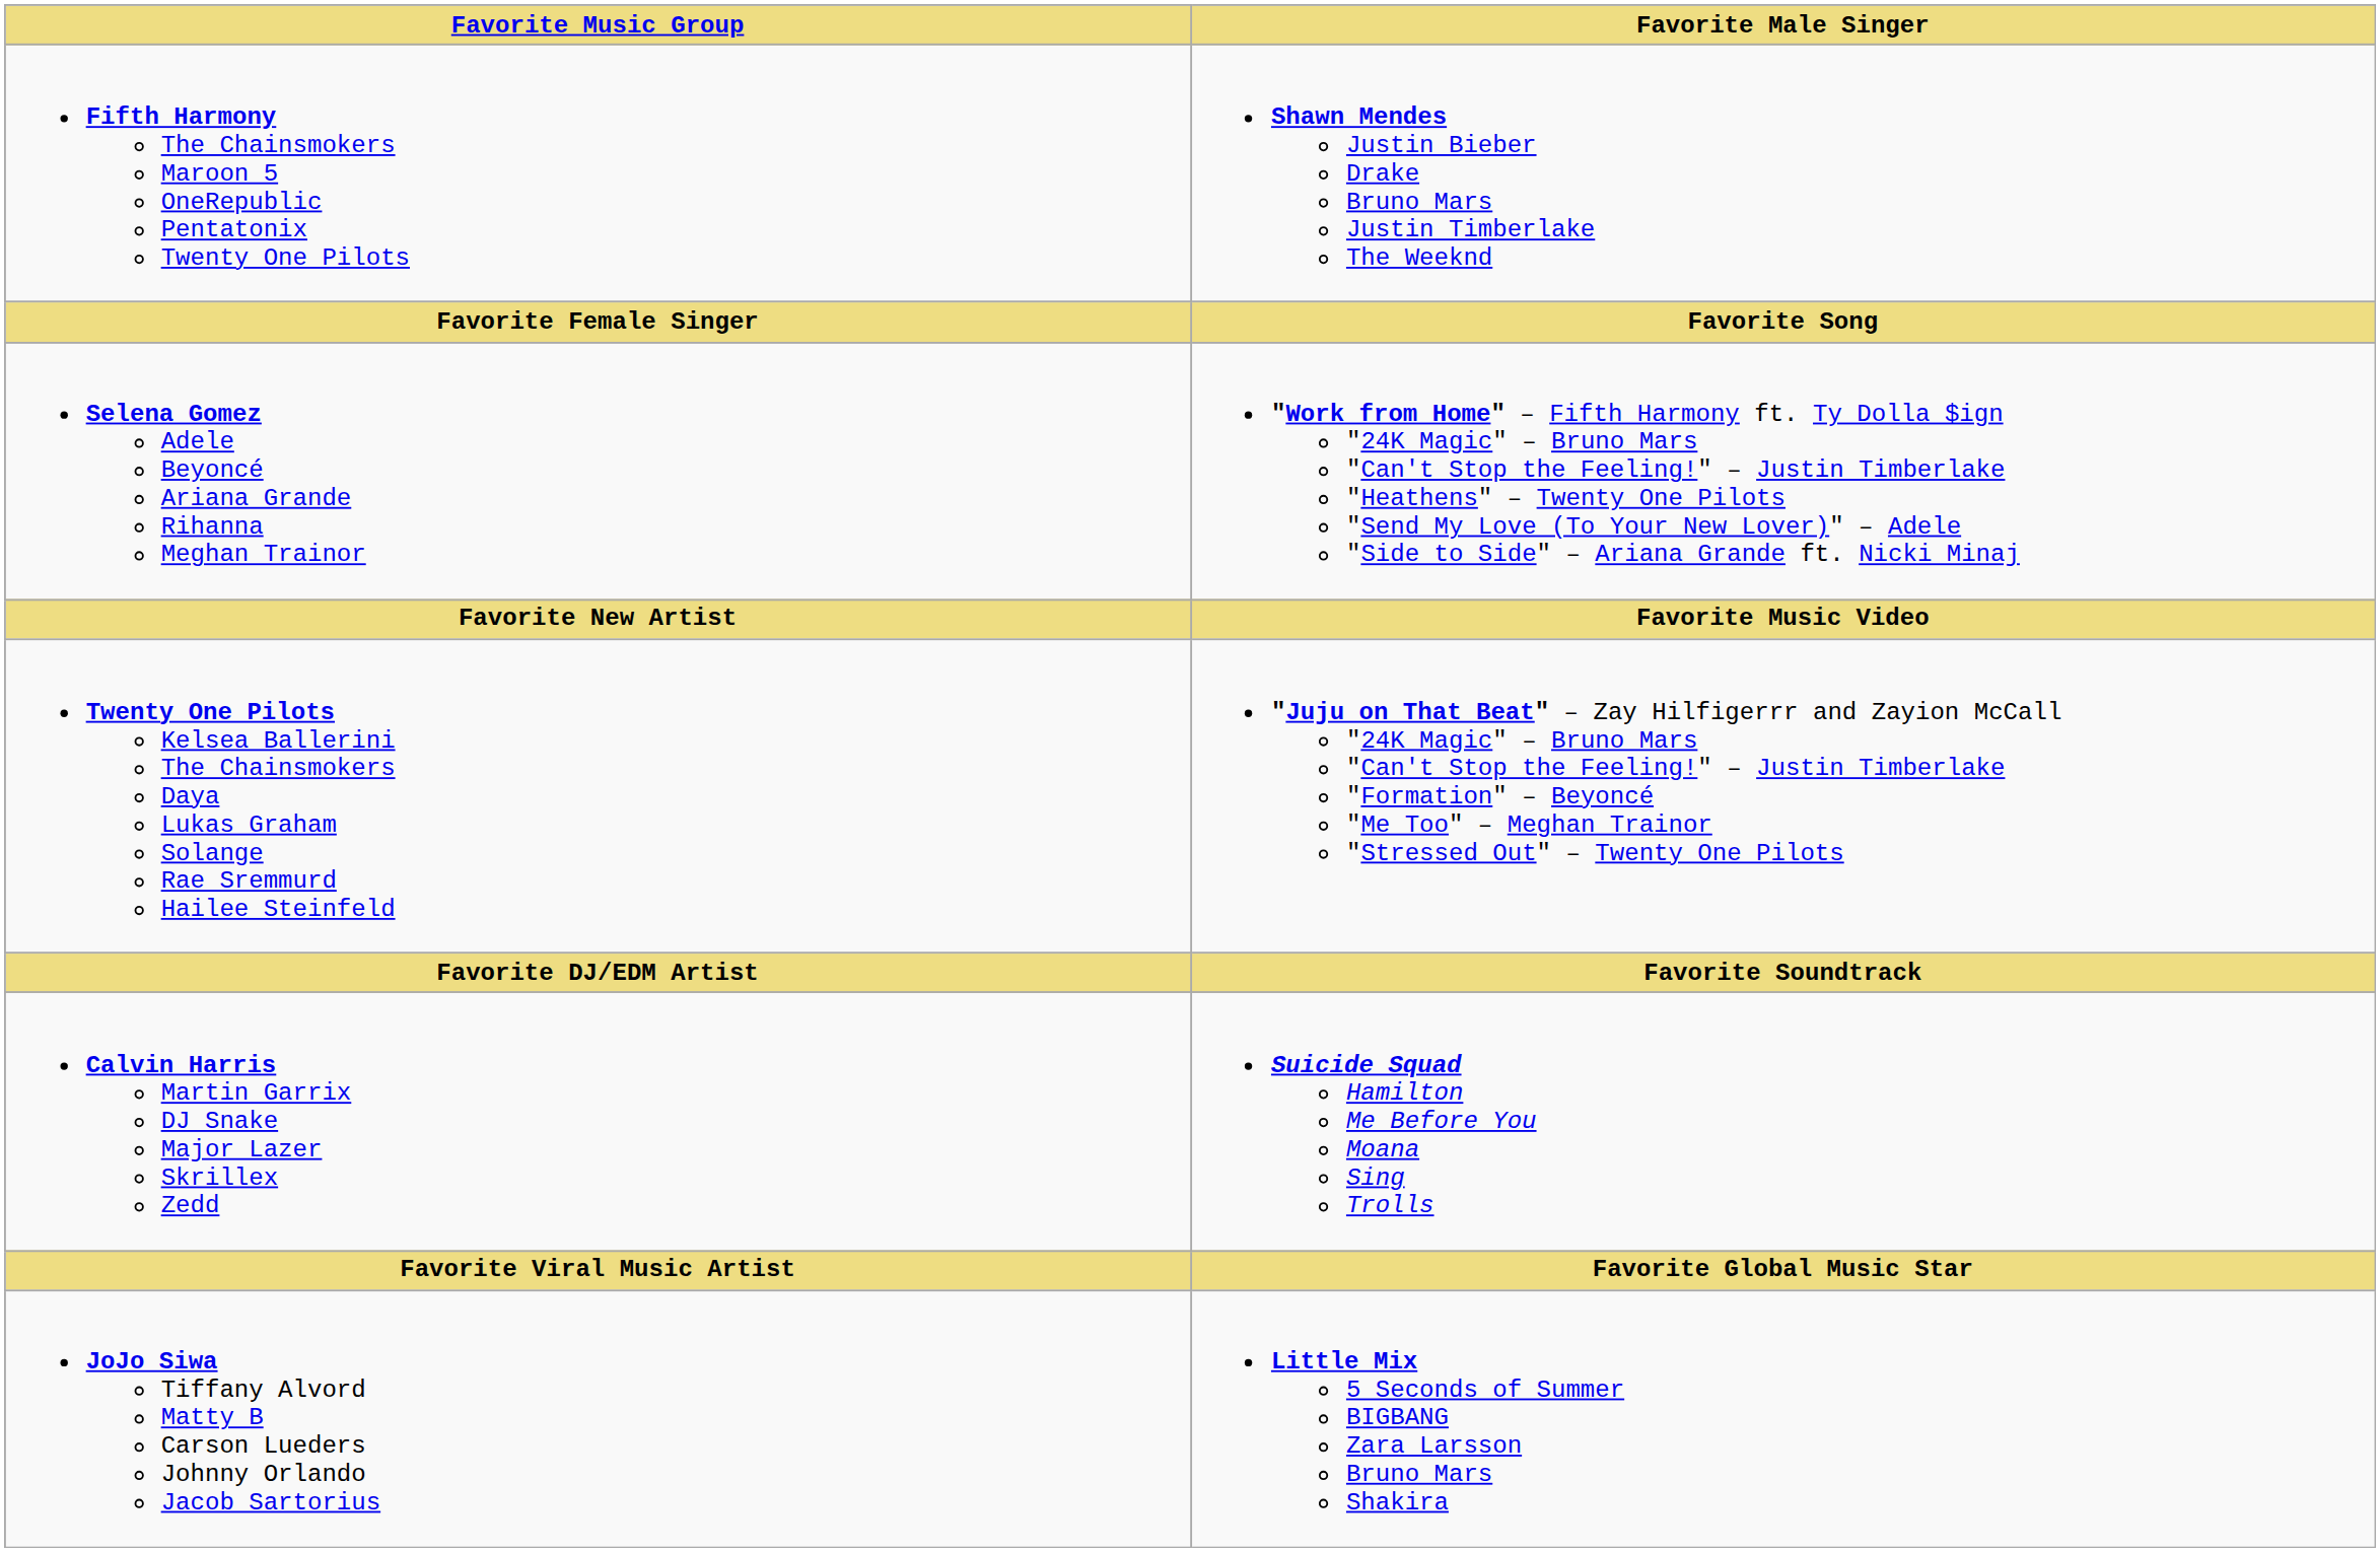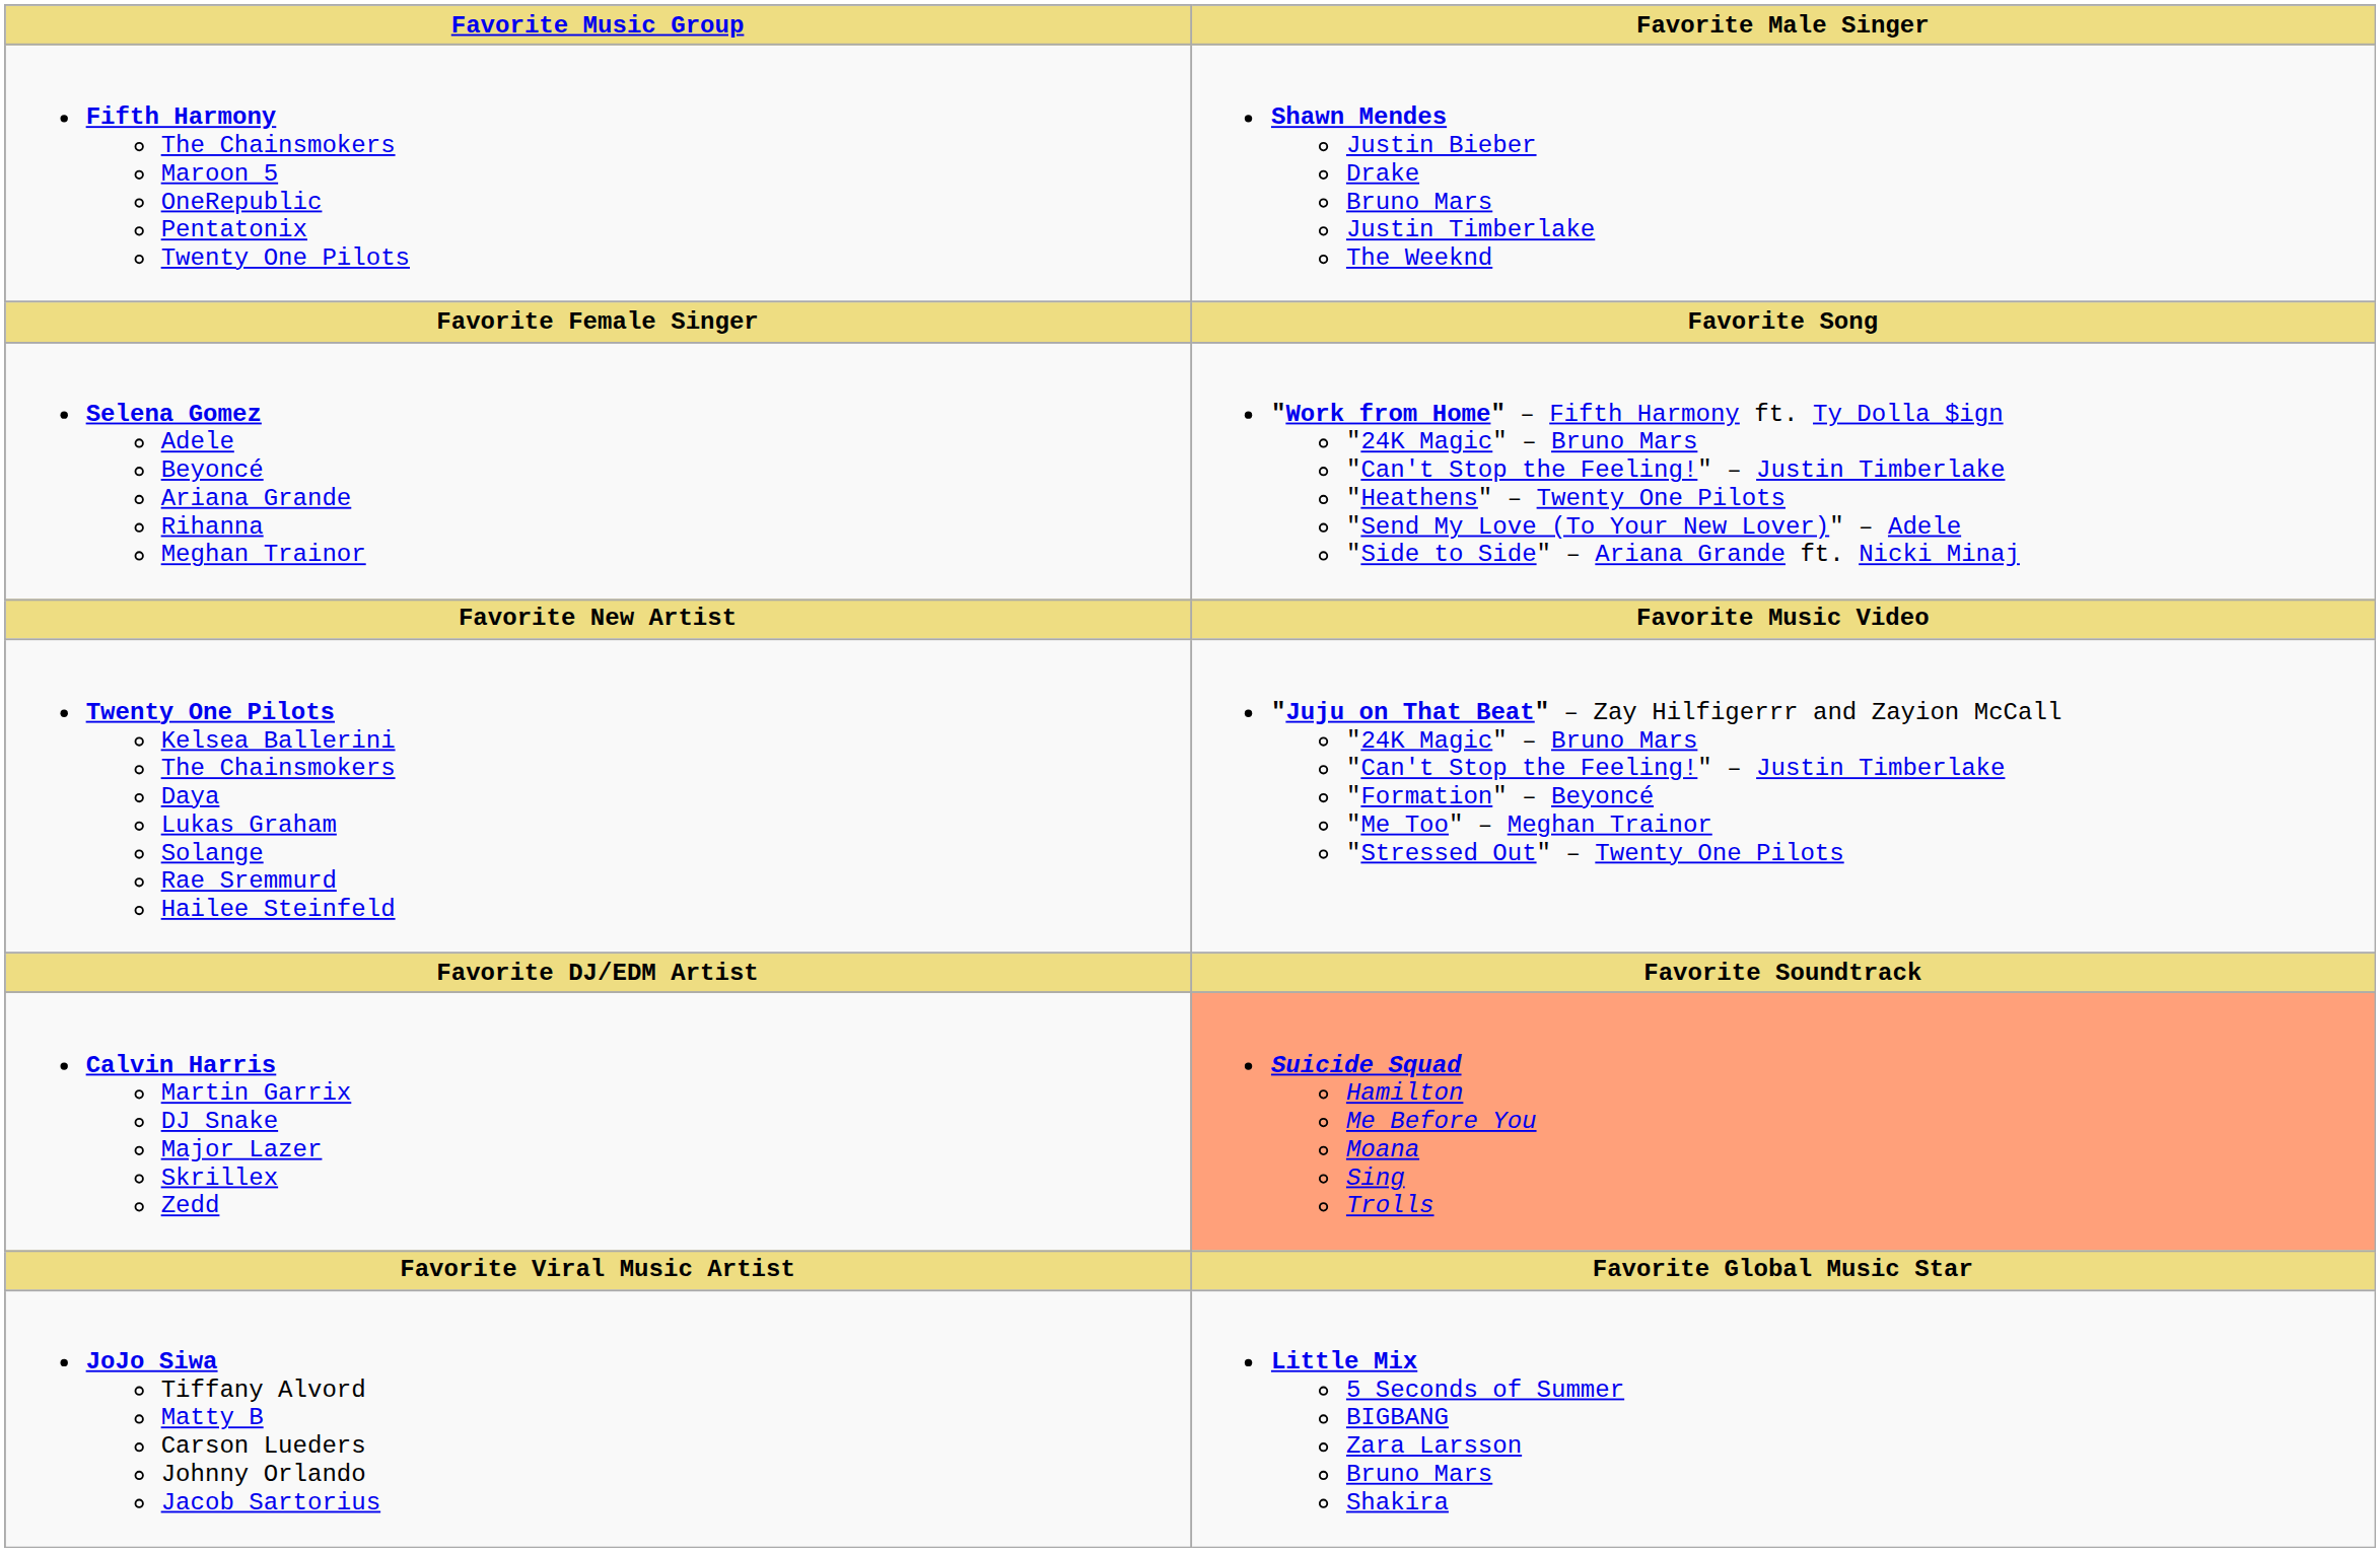 <table class="wikitable" style="width:100%;">
 <tr>
 <th style="background:#EEDD82; width:50%"><a href='#'>Favorite Music Group</a></th>
 <th style="background:#EEDD82; width:50%">Favorite Male Singer</th>
 </tr>
 <tr>
 <td valign="top"><br><ul><li><strong><a href='#'>Fifth Harmony</a></strong><ul><li><a href='#'>The Chainsmokers</a></li><li><a href='#'>Maroon 5</a></li><li><a href='#'>OneRepublic</a></li><li><a href='#'>Pentatonix</a></li><li><a href='#'>Twenty One Pilots</a></li></ul></li></ul></td>
 <td valign="top"><br><ul><li><strong><a href='#'>Shawn Mendes</a></strong><ul><li><a href='#'>Justin Bieber</a></li><li><a href='#'>Drake</a></li><li><a href='#'>Bruno Mars</a></li><li><a href='#'>Justin Timberlake</a></li><li><a href='#'>The Weeknd</a></li></ul></li></ul></td>
 </tr>
 <tr>
 <th style="background:#EEDD82; width:50%">Favorite Female Singer</th>
 <th style="background:#EEDD82; width:50%">Favorite Song</th>
 </tr>
 <tr>
 <td valign="top"><br><ul><li><strong><a href='#'>Selena Gomez</a></strong><ul><li><a href='#'>Adele</a></li><li><a href='#'>Beyoncé</a></li><li><a href='#'>Ariana Grande</a></li><li><a href='#'>Rihanna</a></li><li><a href='#'>Meghan Trainor</a></li></ul></li></ul></td>
 <td valign="top"><br><ul><li><strong>"<a href='#'>Work from Home</a>"</strong> – <a href='#'>Fifth Harmony</a> ft. <a href='#'>Ty Dolla $ign</a><ul><li>"<a href='#'>24K Magic</a>" – <a href='#'>Bruno Mars</a></li><li>"<a href='#'>Can't Stop the Feeling!</a>" – <a href='#'>Justin Timberlake</a></li><li>"<a href='#'>Heathens</a>" – <a href='#'>Twenty One Pilots</a></li><li>"<a href='#'>Send My Love (To Your New Lover)</a>" – <a href='#'>Adele</a></li><li>"<a href='#'>Side to Side</a>" – <a href='#'>Ariana Grande</a> ft. <a href='#'>Nicki Minaj</a></li></ul></li></ul></td>
 </tr>
 <tr>
 <th style="background:#EEDD82; width:50%">Favorite New Artist</th>
 <th style="background:#EEDD82; width:50%">Favorite Music Video</th>
 </tr>
 <tr>
 <td valign="top"><br><ul><li><strong><a href='#'>Twenty One Pilots</a></strong><ul><li><a href='#'>Kelsea Ballerini</a></li><li><a href='#'>The Chainsmokers</a></li><li><a href='#'>Daya</a></li><li><a href='#'>Lukas Graham</a></li><li><a href='#'>Solange</a></li><li><a href='#'>Rae Sremmurd</a></li><li><a href='#'>Hailee Steinfeld</a></li></ul></li></ul></td>
 <td valign="top"><br><ul><li><strong>"<a href='#'>Juju on That Beat</a>"</strong> – Zay Hilfigerrr and Zayion McCall<ul><li>"<a href='#'>24K Magic</a>" – <a href='#'>Bruno Mars</a></li><li>"<a href='#'>Can't Stop the Feeling!</a>" – <a href='#'>Justin Timberlake</a></li><li>"<a href='#'>Formation</a>" – <a href='#'>Beyoncé</a></li><li>"<a href='#'>Me Too</a>" – <a href='#'>Meghan Trainor</a></li><li>"<a href='#'>Stressed Out</a>" – <a href='#'>Twenty One Pilots</a></li></ul></li></ul></td>
 </tr>
 <tr>
 <th style="background:#EEDD82; width:50%">Favorite DJ/EDM Artist</th>
 <th style="background:#EEDD82; width:50%">Favorite Soundtrack</th>
 </tr>
 <tr>
 <td valign="top"><br><ul><li><strong><a href='#'>Calvin Harris</a></strong><ul><li><a href='#'>Martin Garrix</a></li><li><a href='#'>DJ Snake</a></li><li><a href='#'>Major Lazer</a></li><li><a href='#'>Skrillex</a></li><li><a href='#'>Zedd</a></li></ul></li></ul></td>
-<td valign="top"><br><ul><li><strong><em><a href='#'>Suicide Squad</a></em></strong><ul><li><em><a href='#'>Hamilton</a></em></li><li><em><a href='#'>Me Before You</a></em></li><li><em><a href='#'>Moana</a></em></li><li><em><a href='#'>Sing</a></em></li><li><em><a href='#'>Trolls</a></em></li></ul></li></ul></td>
+<td valign="top" style="background: lightsalmon;"><br><ul><li><strong><em><a href='#'>Suicide Squad</a></em></strong><ul><li><em><a href='#'>Hamilton</a></em></li><li><em><a href='#'>Me Before You</a></em></li><li><em><a href='#'>Moana</a></em></li><li><em><a href='#'>Sing</a></em></li><li><em><a href='#'>Trolls</a></em></li></ul></li></ul></td>
 </tr>
 <tr>
 <th style="background:#EEDD82; width:50%">Favorite Viral Music Artist</th>
 <th style="background:#EEDD82; width:50%">Favorite Global Music Star</th>
 </tr>
 <tr>
 <td valign="top"><br><ul><li><strong><a href='#'>JoJo Siwa</a></strong><ul><li>Tiffany Alvord</li><li><a href='#'>Matty B</a></li><li>Carson Lueders</li><li>Johnny Orlando</li><li><a href='#'>Jacob Sartorius</a></li></ul></li></ul></td>
 <td valign="top"><br><ul><li><strong><a href='#'>Little Mix</a></strong><ul><li><a href='#'>5 Seconds of Summer</a></li><li><a href='#'>BIGBANG</a></li><li><a href='#'>Zara Larsson</a></li><li><a href='#'>Bruno Mars</a></li><li><a href='#'>Shakira</a></li></ul></li></ul></td>
 </tr>
 </table>
